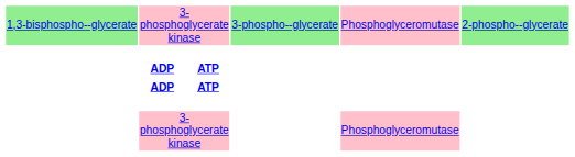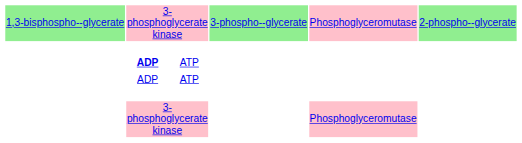 <table style="background: white; text-align:center;">
 <tr>
 <td style="background:lightgreen"><a href='#'>1,3-bisphospho--glycerate</a></td>
 <td colspan="2" style="background:pink; width:75px"><a href='#'>3-phosphoglycerate kinase</a></td>
 <td style="background:lightgreen"><a href='#'>3-phospho--glycerate</a></td>
 <td colspan="2" style="background:pink; width:75px"><a href='#'>Phosphoglyceromutase</a></td>
 <td style="background:lightgreen"><a href='#'>2-phospho--glycerate</a></td>
 </tr>
 <tr>
 <td rowspan="5"></td>
 <td colspan="2" style="width:75px"> </td>
 <td rowspan="5"></td>
 <td colspan="2" style="width:75px"> </td>
 <td rowspan="5"></td>
 </tr>
 <tr>
 <td><strong><a href='#'>ADP</a></strong></td>
-<td><strong><a href='#'>ATP</a></strong></td>
+<td><a href='#'>ATP</a></td>
 <td></td>
 <td></td>
 </tr>
 <tr>
 <td colspan="2" style="width:75px"></td>
 <td colspan="2" style="width:75px"></td>
 </tr>
 <tr>
-<td><strong><a href='#'>ADP</a></strong></td>
-<td><strong><a href='#'>ATP</a></strong></td>
+<td><a href='#'>ADP</a></td>
+<td><a href='#'>ATP</a></td>
 <td></td>
 <td></td>
 </tr>
 <tr>
 <td colspan="2" style="width:75px"> </td>
 <td colspan="2" style="width:75px"> </td>
 </tr>
 <tr>
 <td> </td>
 <td colspan="2" style="background:pink; width:75px"><a href='#'>3-phosphoglycerate kinase</a></td>
 <td> </td>
 <td colspan="2" style="background:pink; width:75px"><a href='#'>Phosphoglyceromutase</a></td>
 <td align="right"></td>
 </tr>
 </table>
